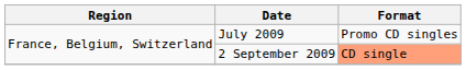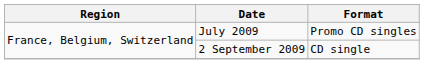 <table class="wikitable" border="1">
 <tr>
 <th>Region</th>
 <th>Date</th>
 <th>Format</th>
 </tr>
 <tr>
 <td rowspan=2>France, Belgium, Switzerland</td>
 <td>July 2009</td>
 <td>Promo CD singles</td>
 </tr>
 <tr>
 <td>2 September 2009</td>
-<td style="background: lightsalmon;">CD single</td>
+<td>CD single</td>
 </tr>
 <tr>
 </tr>
 </table>
